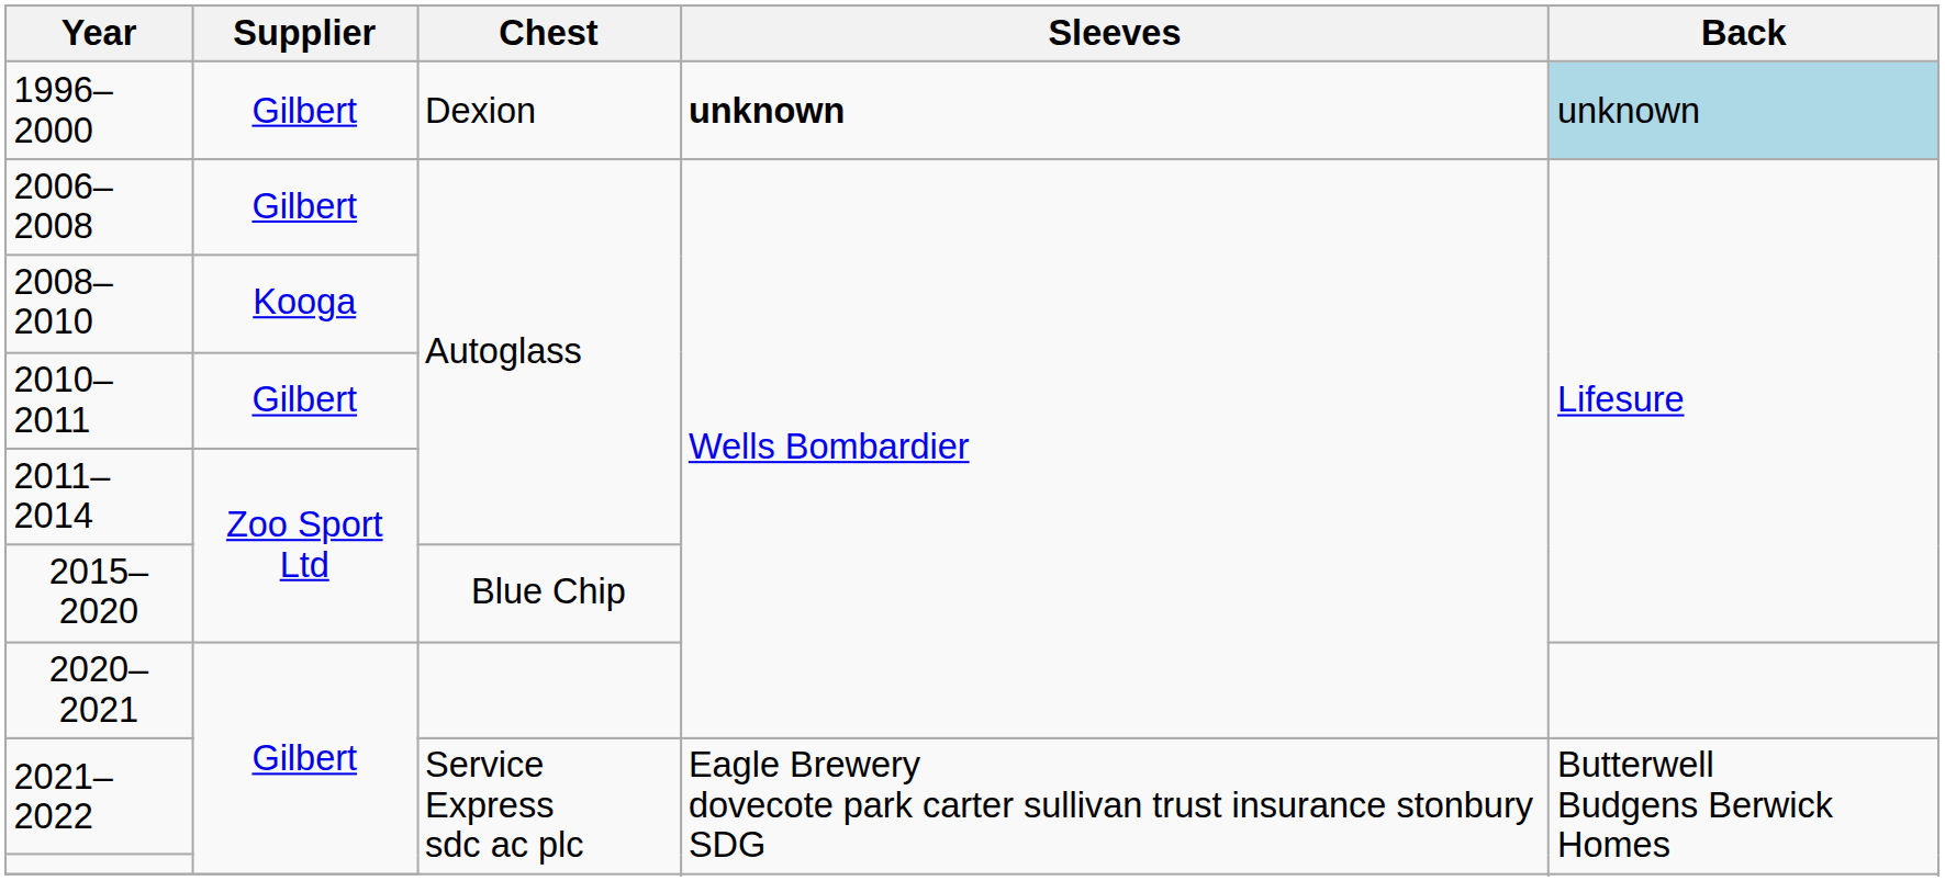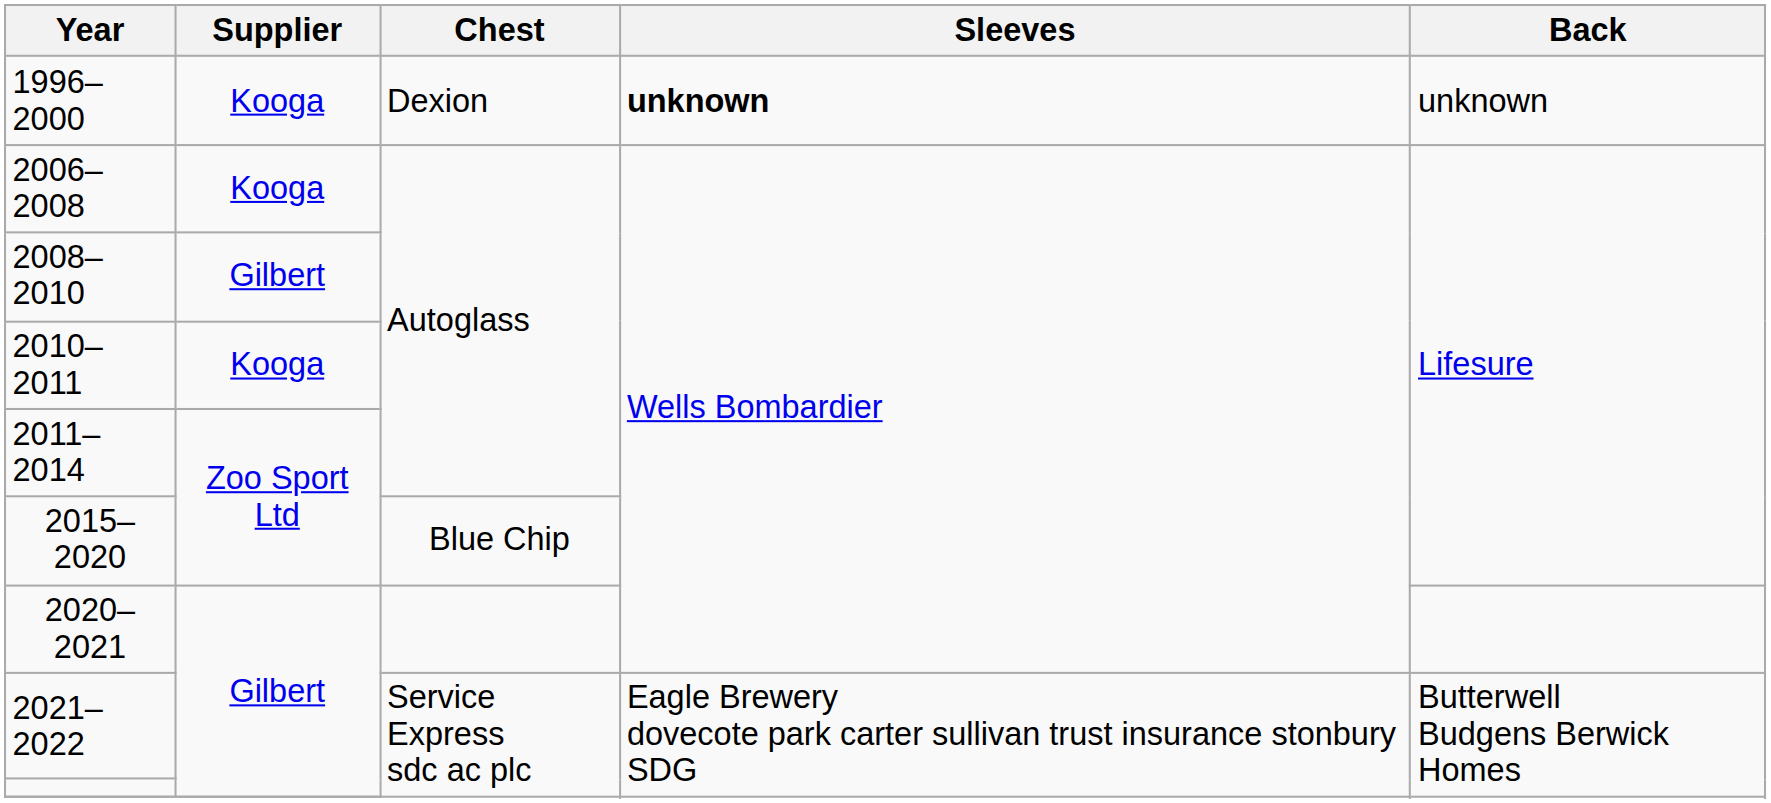 <table class="wikitable" style="text-align: center">
 <tr>
 <th>Year</th>
 <th>Supplier</th>
 <th>Chest</th>
 <th>Sleeves</th>
 <th>Back</th>
 </tr>
 <tr>
 <td align=left>1996–2000</td>
-<td><a href='#'>Gilbert</a></td>
+<td><a href='#'>Kooga</a></td>
 <td align=left>Dexion</td>
 <td align=left><strong>unknown</strong></td>
-<td align=left style="background: lightblue;">unknown</td>
+<td align=left>unknown</td>
 </tr>
 <tr>
 <td align=left>2006–2008</td>
-<td><a href='#'>Gilbert</a></td>
+<td><a href='#'>Kooga</a></td>
 <td rowspan="4" align="left">Autoglass</td>
 <td rowspan="6" align="left"><a href='#'>Wells Bombardier</a></td>
 <td rowspan="5" align="left"><a href='#'>Lifesure</a></td>
 </tr>
 <tr>
 <td align=left>2008–2010</td>
-<td><a href='#'>Kooga</a></td>
+<td><a href='#'>Gilbert</a></td>
 </tr>
 <tr>
 <td align=left>2010–2011</td>
-<td><a href='#'>Gilbert</a></td>
+<td><a href='#'>Kooga</a></td>
 </tr>
 <tr>
 <td align=left>2011–2014</td>
 <td rowspan="2"><a href='#'>Zoo Sport Ltd</a></td>
 </tr>
 <tr>
 <td>2015–2020</td>
 <td>Blue Chip</td>
 </tr>
 <tr>
 <td>2020–2021</td>
 <td rowspan="3"><a href='#'>Gilbert</a></td>
 <td></td>
 <td></td>
 </tr>
 <tr>
 <td align="left">2021–2022</td>
 <td rowspan="3" align="left">Service Express<br>sdc ac plc</td>
 <td rowspan="3" align="left">Eagle Brewery<br>dovecote park carter sullivan trust insurance stonbury SDG</td>
 <td rowspan="3" align="left">Butterwell<br>Budgens Berwick Homes</td>
 </tr>
 <tr>
 <td></td>
 </tr>
 <tr>
 </tr>
 </table>
